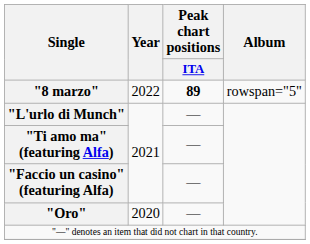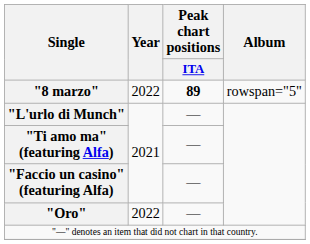 <table class="wikitable plainrowheaders" style="text-align:center;">
 <tr>
 <th scope="col" rowspan="2">Single</th>
 <th scope="col" rowspan="2">Year</th>
 <th scope="col" colspan="1">Peak chart positions</th>
 <th scope="col" rowspan="2">Album</th>
 </tr>
 <tr>
 <th scope="col" style="width:3em;font-size:90%;"><a href='#'>ITA</a><br></th>
 </tr>
 <tr>
 <th scope="row">"8 marzo"</th>
 <td>2022</td>
 <td><strong>89</strong></td>
 <td>rowspan="5" </td>
 </tr>
 <tr>
 <th scope="row">"L'urlo di Munch"</th>
 <td rowspan="3">2021</td>
 <td>—</td>
 </tr>
 <tr>
 <th scope="row">"Ti amo ma"<br>(featuring <a href='#'>Alfa</a>)</th>
 <td>—</td>
 </tr>
 <tr>
 <th scope="row">"Faccio un casino"<br>(featuring Alfa)</th>
 <td>—</td>
 </tr>
 <tr>
 <th scope="row">"Oro"</th>
-<td>2020</td>
+<td>2022</td>
 <td>—</td>
 </tr>
 <tr>
 <td colspan="5" style="text-align:center; font-size:8pt;">"—" denotes an item that did not chart in that country.</td>
 </tr>
 <tr>
 </tr>
 </table>
